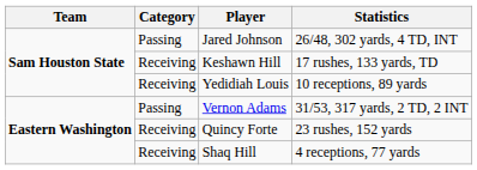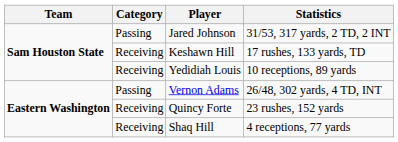 <table class="wikitable" style="float: left;">
 <tr>
 <th>Team</th>
 <th>Category</th>
 <th>Player</th>
 <th>Statistics</th>
 </tr>
 <tr>
 <td rowspan=3><strong>Sam Houston State</strong></td>
 <td>Passing</td>
 <td>Jared Johnson</td>
-<td>26/48, 302 yards, 4 TD, INT</td>
+<td>31/53, 317 yards, 2 TD, 2 INT</td>
 </tr>
 <tr>
 <td>Receiving</td>
 <td>Keshawn Hill</td>
 <td>17 rushes, 133 yards, TD</td>
 </tr>
 <tr>
 <td>Receiving</td>
 <td>Yedidiah Louis</td>
 <td>10 receptions, 89 yards</td>
 </tr>
 <tr>
 <td rowspan=3><strong>Eastern Washington</strong></td>
 <td>Passing</td>
 <td><a href='#'>Vernon Adams</a></td>
-<td>31/53, 317 yards, 2 TD, 2 INT</td>
+<td>26/48, 302 yards, 4 TD, INT</td>
 </tr>
 <tr>
 <td>Receiving</td>
 <td>Quincy Forte</td>
 <td>23 rushes, 152 yards</td>
 </tr>
 <tr>
 <td>Receiving</td>
 <td>Shaq Hill</td>
 <td>4 receptions, 77 yards</td>
 </tr>
 </table>
